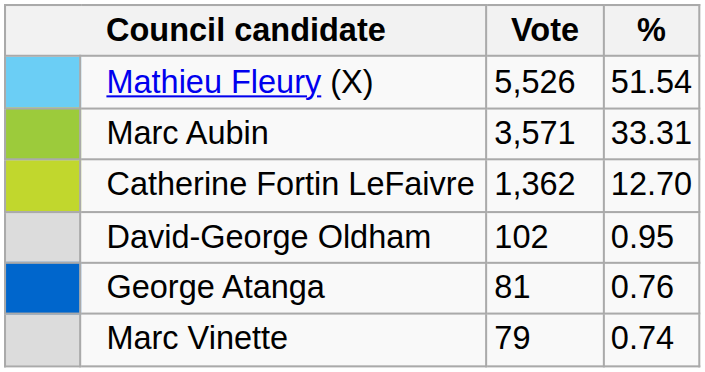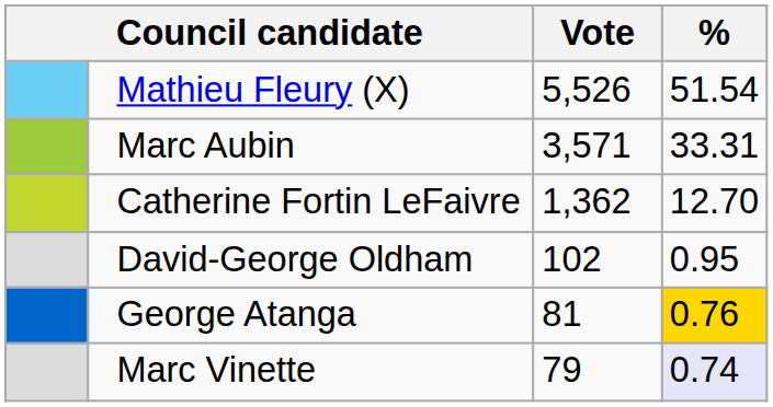 <table class="wikitable">
 <tr>
 <th width="230px" colspan="2">Council candidate</th>
 <th width="50px">Vote</th>
 <th width="30px">%</th>
 </tr>
 <tr>
 <td bgcolor=#6BCEF5 width="30px"> </td>
 <td>  <a href='#'>Mathieu Fleury</a> (X)</td>
 <td>5,526</td>
 <td>51.54</td>
 </tr>
 <tr>
 <td bgcolor=#9CCB3B width="30px"> </td>
 <td>  Marc Aubin</td>
 <td>3,571</td>
 <td>33.31</td>
 </tr>
 <tr>
 <td bgcolor=#C1D72D width="30px"> </td>
 <td>  Catherine Fortin LeFaivre</td>
 <td>1,362</td>
 <td>12.70</td>
 </tr>
 <tr>
 <td bgcolor=#DCDCDC width="30px"> </td>
 <td>  David-George Oldham</td>
 <td>102</td>
 <td>0.95</td>
 </tr>
 <tr>
 <td bgcolor=#0066CC width="30px"> </td>
 <td>  George Atanga</td>
 <td>81</td>
-<td>0.76</td>
+<td style="background: gold;">0.76</td>
 </tr>
 <tr>
 <td bgcolor=#DCDCDC width="30px"> </td>
 <td>  Marc Vinette</td>
 <td>79</td>
-<td>0.74</td>
+<td style="background: lavender;">0.74</td>
 </tr>
 </table>
